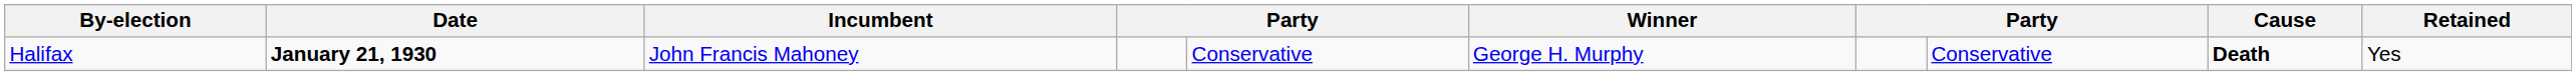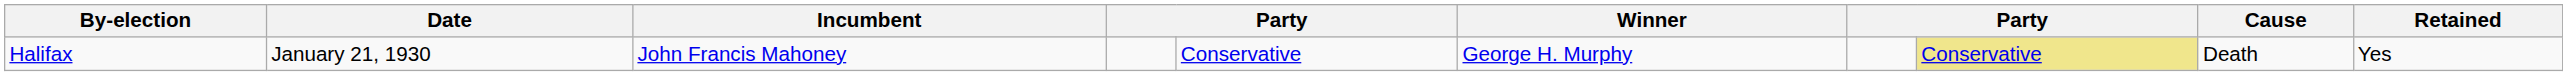 <table class=wikitable style="width:100%">
 <tr>
 <th>By-election</th>
 <th>Date</th>
 <th>Incumbent</th>
 <th colspan=2>Party</th>
 <th>Winner</th>
 <th colspan=2>Party</th>
 <th>Cause</th>
 <th>Retained</th>
 </tr>
 <tr>
 <td><a href='#'>Halifax</a></td>
-<td><strong>January 21, 1930</strong></td>
+<td>January 21, 1930</td>
 <td><a href='#'>John Francis Mahoney</a></td>
 <td>    </td>
 <td><a href='#'>Conservative</a></td>
 <td><a href='#'>George H. Murphy</a></td>
 <td>    </td>
-<td><a href='#'>Conservative</a></td>
-<td><strong>Death</strong></td>
+<td style="background: khaki;"><a href='#'>Conservative</a></td>
+<td>Death</td>
 <td>Yes</td>
 </tr>
 </table>
